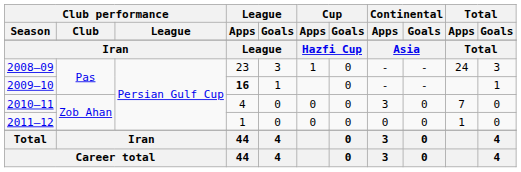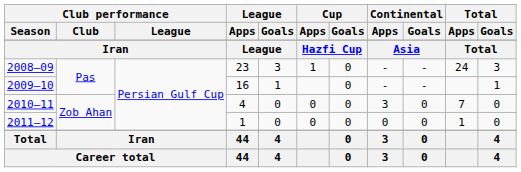 <table class="wikitable" style="text-align:center">
 <tr>
 <th colspan=3>Club performance</th>
 <th colspan=2>League</th>
 <th colspan=2>Cup</th>
 <th colspan=2>Continental</th>
 <th colspan=2>Total</th>
 </tr>
 <tr>
 <th>Season</th>
 <th>Club</th>
 <th>League</th>
 <th>Apps</th>
 <th>Goals</th>
 <th>Apps</th>
 <th>Goals</th>
 <th>Apps</th>
 <th>Goals</th>
 <th>Apps</th>
 <th>Goals</th>
 </tr>
 <tr>
 </tr>
 <tr>
 <th colspan=3>Iran</th>
 <th colspan=2>League</th>
 <th colspan=2><a href='#'>Hazfi Cup</a></th>
 <th colspan=2><a href='#'>Asia</a></th>
 <th colspan=2>Total</th>
 </tr>
 <tr>
 <td><a href='#'>2008–09</a></td>
 <td rowspan="2"><a href='#'>Pas</a></td>
 <td rowspan="4"><a href='#'>Persian Gulf Cup</a></td>
 <td>23</td>
 <td>3</td>
 <td>1</td>
 <td>0</td>
 <td>-</td>
 <td>-</td>
 <td>24</td>
 <td>3</td>
 </tr>
 <tr>
 <td><a href='#'>2009–10</a></td>
-<td><strong>16</strong></td>
+<td>16</td>
 <td>1</td>
 <td></td>
 <td>0</td>
 <td>-</td>
 <td>-</td>
 <td></td>
 <td>1</td>
 </tr>
 <tr>
 <td><a href='#'>2010–11</a></td>
 <td rowspan="2"><a href='#'>Zob Ahan</a></td>
 <td>4</td>
 <td>0</td>
 <td>0</td>
 <td>0</td>
 <td>3</td>
 <td>0</td>
 <td>7</td>
 <td>0</td>
 </tr>
 <tr>
 <td><a href='#'>2011–12</a></td>
 <td>1</td>
 <td>0</td>
 <td>0</td>
 <td>0</td>
 <td>0</td>
 <td>0</td>
 <td>1</td>
 <td>0</td>
 </tr>
 <tr>
 </tr>
 <tr>
 <th rowspan=1>Total</th>
 <th colspan=2>Iran</th>
 <th>44</th>
 <th>4</th>
 <th></th>
 <th>0</th>
 <th>3</th>
 <th>0</th>
 <th></th>
 <th>4</th>
 </tr>
 <tr>
 <th colspan=3>Career total</th>
 <th>44</th>
 <th>4</th>
 <th></th>
 <th>0</th>
 <th>3</th>
 <th>0</th>
 <th></th>
 <th>4</th>
 </tr>
 </table>
